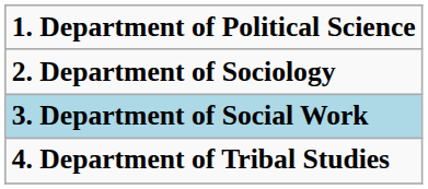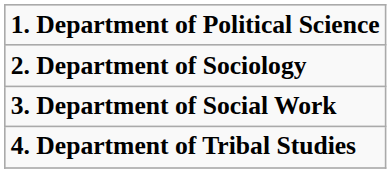 <table class="wikitable">
 <tr>
 <td><strong>1. Department of Political Science</strong></td>
 </tr>
 <tr>
 <td><strong>2. Department of Sociology</strong></td>
 </tr>
 <tr>
-<td style="background: lightblue;"><strong>3. Department of Social Work</strong></td>
+<td><strong>3. Department of Social Work</strong></td>
 </tr>
 <tr>
 <td><strong>4. Department of Tribal Studies</strong></td>
 </tr>
 </table>
